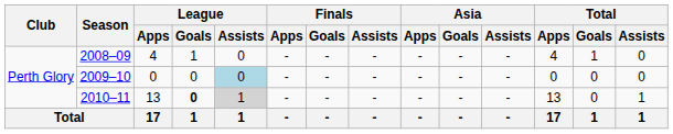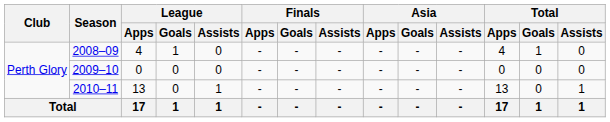 <table class="wikitable" style="text-align: center;">
 <tr>
 <th rowspan="2">Club</th>
 <th rowspan="2">Season</th>
 <th colspan="3">League</th>
 <th colspan="3">Finals</th>
 <th colspan="3">Asia</th>
 <th colspan="3">Total</th>
 </tr>
 <tr>
 <th>Apps</th>
 <th>Goals</th>
 <th>Assists</th>
 <th>Apps</th>
 <th>Goals</th>
 <th>Assists</th>
 <th>Apps</th>
 <th>Goals</th>
 <th>Assists</th>
 <th>Apps</th>
 <th>Goals</th>
 <th>Assists</th>
 </tr>
 <tr>
 <td rowspan="3" valign="center"><a href='#'>Perth Glory</a></td>
 <td><a href='#'>2008–09</a></td>
 <td>4</td>
 <td>1</td>
 <td>0</td>
 <td>-</td>
 <td>-</td>
 <td>-</td>
 <td>-</td>
 <td>-</td>
 <td>-</td>
 <td>4</td>
 <td>1</td>
 <td>0</td>
 </tr>
 <tr>
 <td><a href='#'>2009–10</a></td>
 <td>0</td>
 <td>0</td>
-<td style="background: lightblue;">0</td>
+<td>0</td>
 <td>-</td>
 <td>-</td>
 <td>-</td>
 <td>-</td>
 <td>-</td>
 <td>-</td>
 <td>0</td>
 <td>0</td>
 <td>0</td>
 </tr>
 <tr>
 <td><a href='#'>2010–11</a></td>
 <td>13</td>
-<td><strong>0</strong></td>
-<td style="background: lightgrey;">1</td>
+<td>0</td>
+<td>1</td>
 <td>-</td>
 <td>-</td>
 <td>-</td>
 <td>-</td>
 <td>-</td>
 <td>-</td>
 <td>13</td>
 <td>0</td>
 <td>1</td>
 </tr>
 <tr>
 <th colspan="2">Total</th>
 <th>17</th>
 <th>1</th>
 <th>1</th>
 <th>-</th>
 <th>-</th>
 <th>-</th>
 <th>-</th>
 <th>-</th>
 <th>-</th>
 <th>17</th>
 <th>1</th>
 <th>1</th>
 </tr>
 </table>
